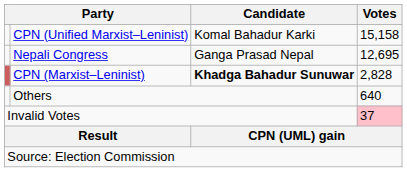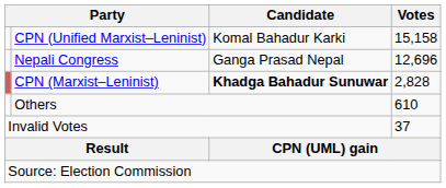 <table class="wikitable">
 <tr>
 <th colspan="2">Party</th>
 <th>Candidate</th>
 <th>Votes</th>
 </tr>
 <tr>
 <td style="background-color:"></td>
 <td><a href='#'>CPN (Unified Marxist–Leninist)</a></td>
 <td>Komal Bahadur Karki</td>
 <td>15,158</td>
 </tr>
 <tr>
 <td style="background-color:"></td>
 <td><a href='#'>Nepali Congress</a></td>
 <td>Ganga Prasad Nepal</td>
-<td>12,695</td>
+<td>12,696</td>
 </tr>
 <tr>
 <td style="background-color:indianred"></td>
 <td><a href='#'>CPN (Marxist–Leninist)</a></td>
 <td><strong>Khadga Bahadur Sunuwar</strong></td>
 <td>2,828</td>
 </tr>
 <tr>
 <td></td>
 <td colspan="2">Others</td>
-<td>640</td>
+<td>610</td>
 </tr>
 <tr>
 <td colspan="3">Invalid Votes</td>
-<td style="background: pink;">37</td>
+<td>37</td>
 </tr>
 <tr>
 <th colspan="2">Result</th>
 <th colspan="2">CPN (UML) gain</th>
 </tr>
 <tr>
 <td colspan="4">Source: Election Commission</td>
 </tr>
 </table>
